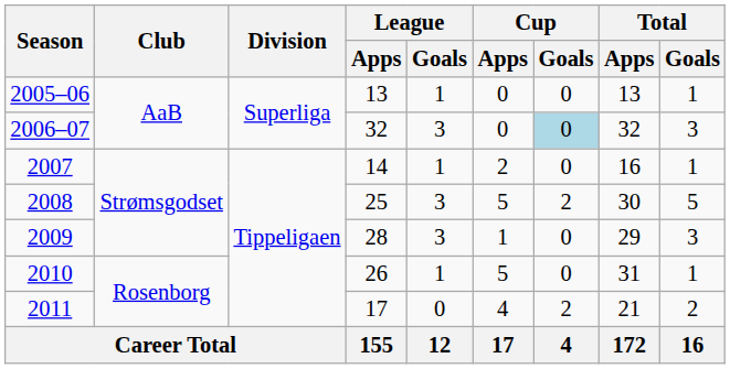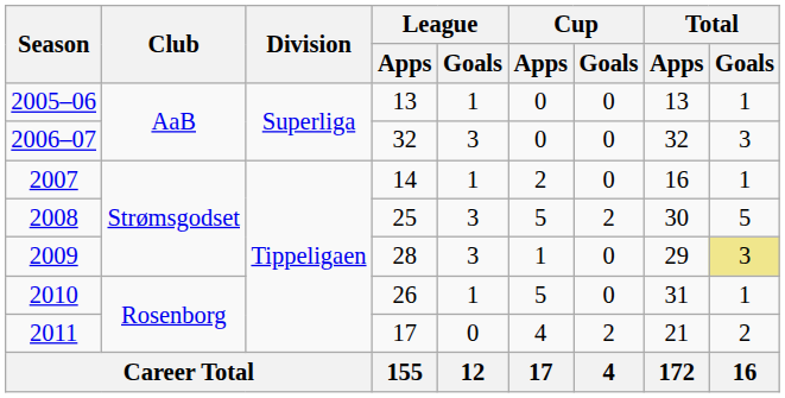 <table class="wikitable" style="text-align: center;">
 <tr>
 <th rowspan="2">Season</th>
 <th rowspan="2">Club</th>
 <th rowspan="2">Division</th>
 <th colspan="2">League</th>
 <th colspan="2">Cup</th>
 <th colspan="2">Total</th>
 </tr>
 <tr>
 <th>Apps</th>
 <th>Goals</th>
 <th>Apps</th>
 <th>Goals</th>
 <th>Apps</th>
 <th>Goals</th>
 </tr>
 <tr>
 <td><a href='#'>2005–06</a></td>
 <td rowspan="2" valign="center"><a href='#'>AaB</a></td>
 <td rowspan="2" valign="center"><a href='#'>Superliga</a></td>
 <td>13</td>
 <td>1</td>
 <td>0</td>
 <td>0</td>
 <td>13</td>
 <td>1</td>
 </tr>
 <tr>
 <td><a href='#'>2006–07</a></td>
 <td>32</td>
 <td>3</td>
 <td>0</td>
-<td style="background: lightblue;">0</td>
+<td>0</td>
 <td>32</td>
 <td>3</td>
 </tr>
 <tr>
 <td><a href='#'>2007</a></td>
 <td rowspan="3" valign="center"><a href='#'>Strømsgodset</a></td>
 <td rowspan="5" valign="center"><a href='#'>Tippeligaen</a></td>
 <td>14</td>
 <td>1</td>
 <td>2</td>
 <td>0</td>
 <td>16</td>
 <td>1</td>
 </tr>
 <tr>
 <td><a href='#'>2008</a></td>
 <td>25</td>
 <td>3</td>
 <td>5</td>
 <td>2</td>
 <td>30</td>
 <td>5</td>
 </tr>
 <tr>
 <td><a href='#'>2009</a></td>
 <td>28</td>
 <td>3</td>
 <td>1</td>
 <td>0</td>
 <td>29</td>
-<td>3</td>
+<td style="background: khaki;">3</td>
 </tr>
 <tr>
 <td><a href='#'>2010</a></td>
 <td rowspan="2" valign="center"><a href='#'>Rosenborg</a></td>
 <td>26</td>
 <td>1</td>
 <td>5</td>
 <td>0</td>
 <td>31</td>
 <td>1</td>
 </tr>
 <tr>
 <td><a href='#'>2011</a></td>
 <td>17</td>
 <td>0</td>
 <td>4</td>
 <td>2</td>
 <td>21</td>
 <td>2</td>
 </tr>
 <tr>
 <th colspan="3">Career Total</th>
 <th>155</th>
 <th>12</th>
 <th>17</th>
 <th>4</th>
 <th>172</th>
 <th>16</th>
 </tr>
 </table>
